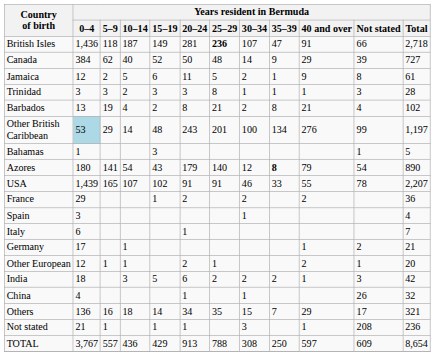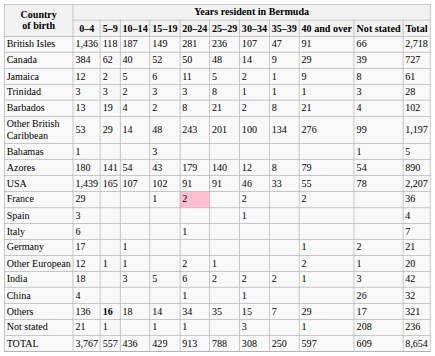 <table class="wikitable sortable">
 <tr>
 <th rowspan="2">Country<br>of birth</th>
 <th colspan="11">Years resident in Bermuda</th>
 </tr>
 <tr>
 <th>0–4</th>
 <th>5–9</th>
 <th>10–14</th>
 <th>15–19</th>
 <th>20–24</th>
 <th>25–29</th>
 <th>30–34</th>
 <th>35–39</th>
 <th>40 and over</th>
 <th>Not stated</th>
 <th>Total</th>
 </tr>
 <tr>
 <td>British Isles</td>
 <td>1,436</td>
 <td>118</td>
 <td>187</td>
 <td>149</td>
 <td>281</td>
-<td><strong>236</strong></td>
+<td>236</td>
 <td>107</td>
 <td>47</td>
 <td>91</td>
 <td>66</td>
 <td>2,718</td>
 </tr>
 <tr>
 <td>Canada</td>
 <td>384</td>
 <td>62</td>
 <td>40</td>
 <td>52</td>
 <td>50</td>
 <td>48</td>
 <td>14</td>
 <td>9</td>
 <td>29</td>
 <td>39</td>
 <td>727</td>
 </tr>
 <tr>
 <td>Jamaica</td>
 <td>12</td>
 <td>2</td>
 <td>5</td>
 <td>6</td>
 <td>11</td>
 <td>5</td>
 <td>2</td>
 <td>1</td>
 <td>9</td>
 <td>8</td>
 <td>61</td>
 </tr>
 <tr>
 <td>Trinidad</td>
 <td>3</td>
 <td>3</td>
 <td>2</td>
 <td>3</td>
 <td>3</td>
 <td>8</td>
 <td>1</td>
 <td>1</td>
 <td>1</td>
 <td>3</td>
 <td>28</td>
 </tr>
 <tr>
 <td>Barbados</td>
 <td>13</td>
 <td>19</td>
 <td>4</td>
 <td>2</td>
 <td>8</td>
 <td>21</td>
 <td>2</td>
 <td>8</td>
 <td>21</td>
 <td>4</td>
 <td>102</td>
 </tr>
 <tr>
 <td>Other British<br>Caribbean</td>
-<td style="background: lightblue;">53</td>
+<td>53</td>
 <td>29</td>
 <td>14</td>
 <td>48</td>
 <td>243</td>
 <td>201</td>
 <td>100</td>
 <td>134</td>
 <td>276</td>
 <td>99</td>
 <td>1,197</td>
 </tr>
 <tr>
 <td>Bahamas</td>
 <td>1</td>
 <td></td>
 <td></td>
 <td>3</td>
 <td></td>
 <td></td>
 <td></td>
 <td></td>
 <td></td>
 <td>1</td>
 <td>5</td>
 </tr>
 <tr>
 <td>Azores</td>
 <td>180</td>
 <td>141</td>
 <td>54</td>
 <td>43</td>
 <td>179</td>
 <td>140</td>
 <td>12</td>
-<td><strong>8</strong></td>
+<td>8</td>
 <td>79</td>
 <td>54</td>
 <td>890</td>
 </tr>
 <tr>
 <td>USA</td>
 <td>1,439</td>
 <td>165</td>
 <td>107</td>
 <td>102</td>
 <td>91</td>
 <td>91</td>
 <td>46</td>
 <td>33</td>
 <td>55</td>
 <td>78</td>
 <td>2,207</td>
 </tr>
 <tr>
 <td>France</td>
 <td>29</td>
 <td></td>
 <td></td>
 <td>1</td>
-<td>2</td>
+<td style="background: pink;">2</td>
 <td></td>
 <td>2</td>
 <td></td>
 <td>2</td>
 <td></td>
 <td>36</td>
 </tr>
 <tr>
 <td>Spain</td>
 <td>3</td>
 <td></td>
 <td></td>
 <td></td>
 <td></td>
 <td></td>
 <td>1</td>
 <td></td>
 <td></td>
 <td></td>
 <td>4</td>
 </tr>
 <tr>
 <td>Italy</td>
 <td>6</td>
 <td></td>
 <td></td>
 <td></td>
 <td>1</td>
 <td></td>
 <td></td>
 <td></td>
 <td></td>
 <td></td>
 <td>7</td>
 </tr>
 <tr>
 <td>Germany</td>
 <td>17</td>
 <td></td>
 <td>1</td>
 <td></td>
 <td></td>
 <td></td>
 <td></td>
 <td></td>
 <td>1</td>
 <td>2</td>
 <td>21</td>
 </tr>
 <tr>
 <td>Other European</td>
 <td>12</td>
 <td>1</td>
 <td>1</td>
 <td></td>
 <td>2</td>
 <td>1</td>
 <td></td>
 <td></td>
 <td>2</td>
 <td>1</td>
 <td>20</td>
 </tr>
 <tr>
 <td>India</td>
 <td>18</td>
 <td></td>
 <td>3</td>
 <td>5</td>
 <td>6</td>
 <td>2</td>
 <td>2</td>
 <td>2</td>
 <td>1</td>
 <td>3</td>
 <td>42</td>
 </tr>
 <tr>
 <td>China</td>
 <td>4</td>
 <td></td>
 <td></td>
 <td></td>
 <td>1</td>
 <td></td>
 <td>1</td>
 <td></td>
 <td></td>
 <td>26</td>
 <td>32</td>
 </tr>
 <tr>
 <td>Others</td>
 <td>136</td>
-<td>16</td>
+<td><strong>16</strong></td>
 <td>18</td>
 <td>14</td>
 <td>34</td>
 <td>35</td>
 <td>15</td>
 <td>7</td>
 <td>29</td>
 <td>17</td>
 <td>321</td>
 </tr>
 <tr>
 <td>Not stated</td>
 <td>21</td>
 <td>1</td>
 <td></td>
 <td>1</td>
 <td>1</td>
 <td></td>
 <td>3</td>
 <td></td>
 <td>1</td>
 <td>208</td>
 <td>236</td>
 </tr>
 <tr>
 <td>TOTAL</td>
 <td>3,767</td>
 <td>557</td>
 <td>436</td>
 <td>429</td>
 <td>913</td>
 <td>788</td>
 <td>308</td>
 <td>250</td>
 <td>597</td>
 <td>609</td>
 <td>8,654</td>
 </tr>
 <tr>
 </tr>
 </table>
